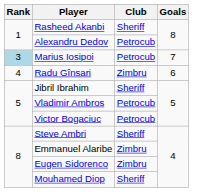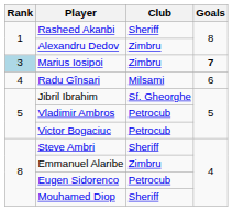 <table class="wikitable">
 <tr>
 <th>Rank</th>
 <th>Player</th>
 <th>Club</th>
 <th>Goals</th>
 </tr>
 <tr>
 <td rowspan=2 align=center>1</td>
 <td> <a href='#'>Rasheed Akanbi</a></td>
 <td><a href='#'>Sheriff</a></td>
 <td rowspan=2 align=center>8</td>
 </tr>
 <tr>
 <td> <a href='#'>Alexandru Dedov</a></td>
-<td><a href='#'>Petrocub</a></td>
+<td><a href='#'>Zimbru</a></td>
 </tr>
 <tr>
 <td rowspan=1 align=center style="background: lightblue;">3</td>
 <td> <a href='#'>Marius Iosipoi</a></td>
-<td><a href='#'>Petrocub</a></td>
-<td rowspan=1 align=center>7</td>
+<td><a href='#'>Zimbru</a></td>
+<td rowspan=1 align=center><strong>7</strong></td>
 </tr>
 <tr>
 <td rowspan=1 align=center>4</td>
 <td> <a href='#'>Radu Gînsari</a></td>
-<td><a href='#'>Zimbru</a></td>
+<td><a href='#'>Milsami</a></td>
 <td rowspan=1 align=center>6</td>
 </tr>
 <tr>
 <td rowspan=3 align=center>5</td>
 <td> Jibril Ibrahim</td>
-<td><a href='#'>Sheriff</a></td>
+<td><a href='#'>Sf. Gheorghe</a></td>
 <td rowspan=3 align=center>5</td>
 </tr>
 <tr>
 <td> <a href='#'>Vladimir Ambros</a></td>
 <td><a href='#'>Petrocub</a></td>
 </tr>
 <tr>
 <td> <a href='#'>Victor Bogaciuc</a></td>
 <td><a href='#'>Petrocub</a></td>
 </tr>
 <tr>
 <td rowspan=4 align=center>8</td>
 <td> <a href='#'>Steve Ambri</a></td>
 <td><a href='#'>Sheriff</a></td>
 <td rowspan=4 align=center>4</td>
 </tr>
 <tr>
 <td> Emmanuel Alaribe</td>
 <td><a href='#'>Zimbru</a></td>
 </tr>
 <tr>
 <td> <a href='#'>Eugen Sidorenco</a></td>
-<td><a href='#'>Zimbru</a></td>
+<td><a href='#'>Petrocub</a></td>
 </tr>
 <tr>
 <td> <a href='#'>Mouhamed Diop</a></td>
 <td><a href='#'>Sheriff</a></td>
 </tr>
 </table>
